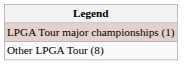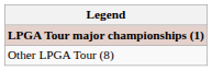 <table class="wikitable" style="font-size:95%;">
 <tr>
 <th>Legend</th>
 </tr>
 <tr style="background:#e5d1cb;">
-<td>LPGA Tour major championships (1)</td>
+<td><strong>LPGA Tour major championships (1)</strong></td>
 </tr>
 <tr>
 <td>Other LPGA Tour (8)</td>
 </tr>
 </table>
